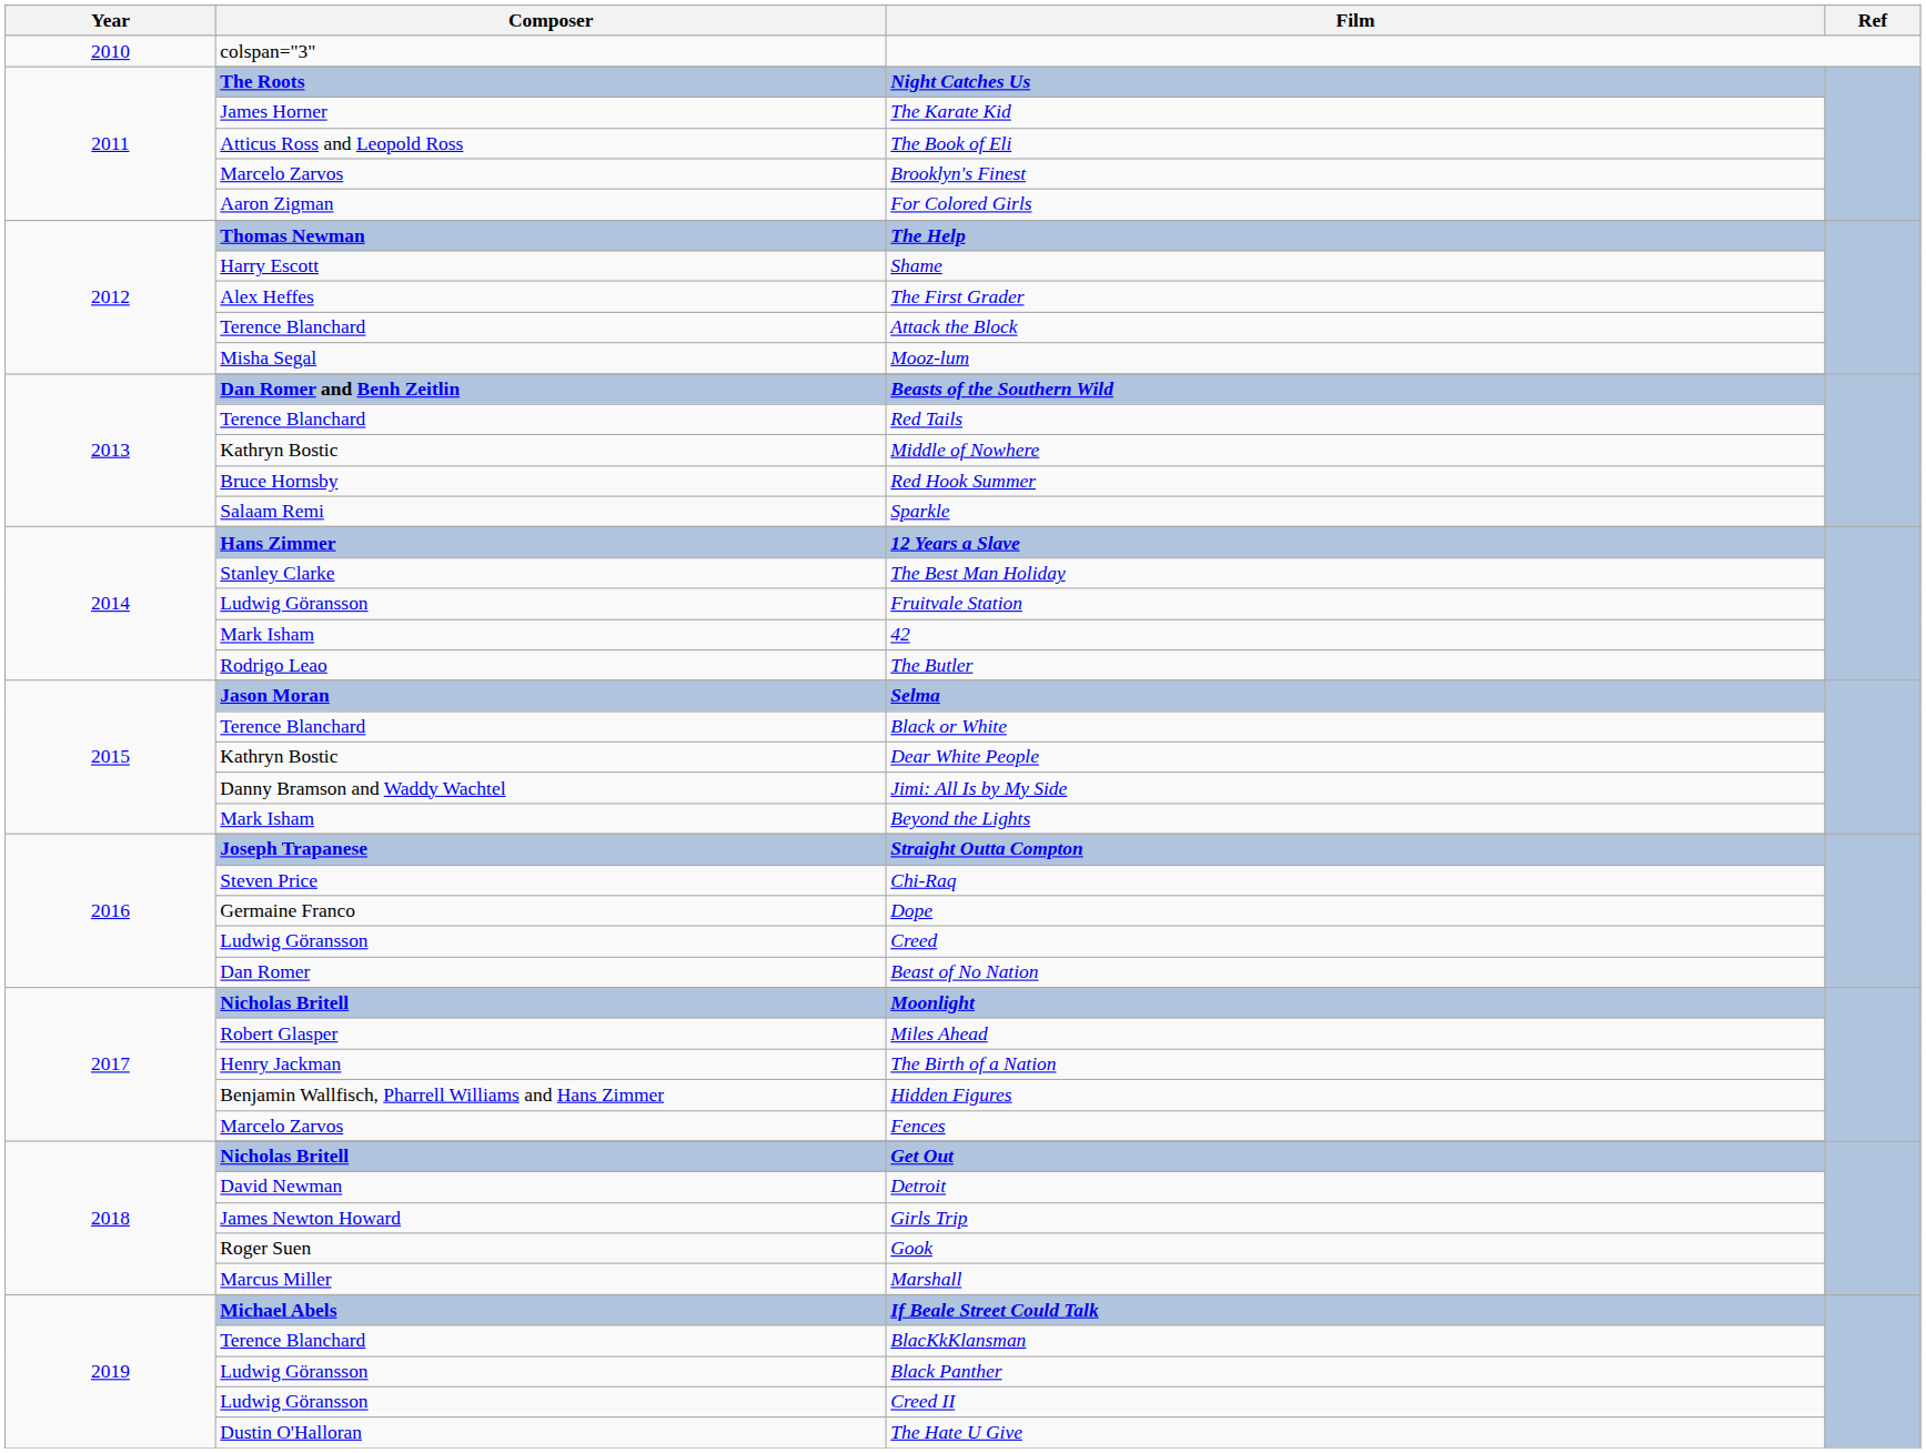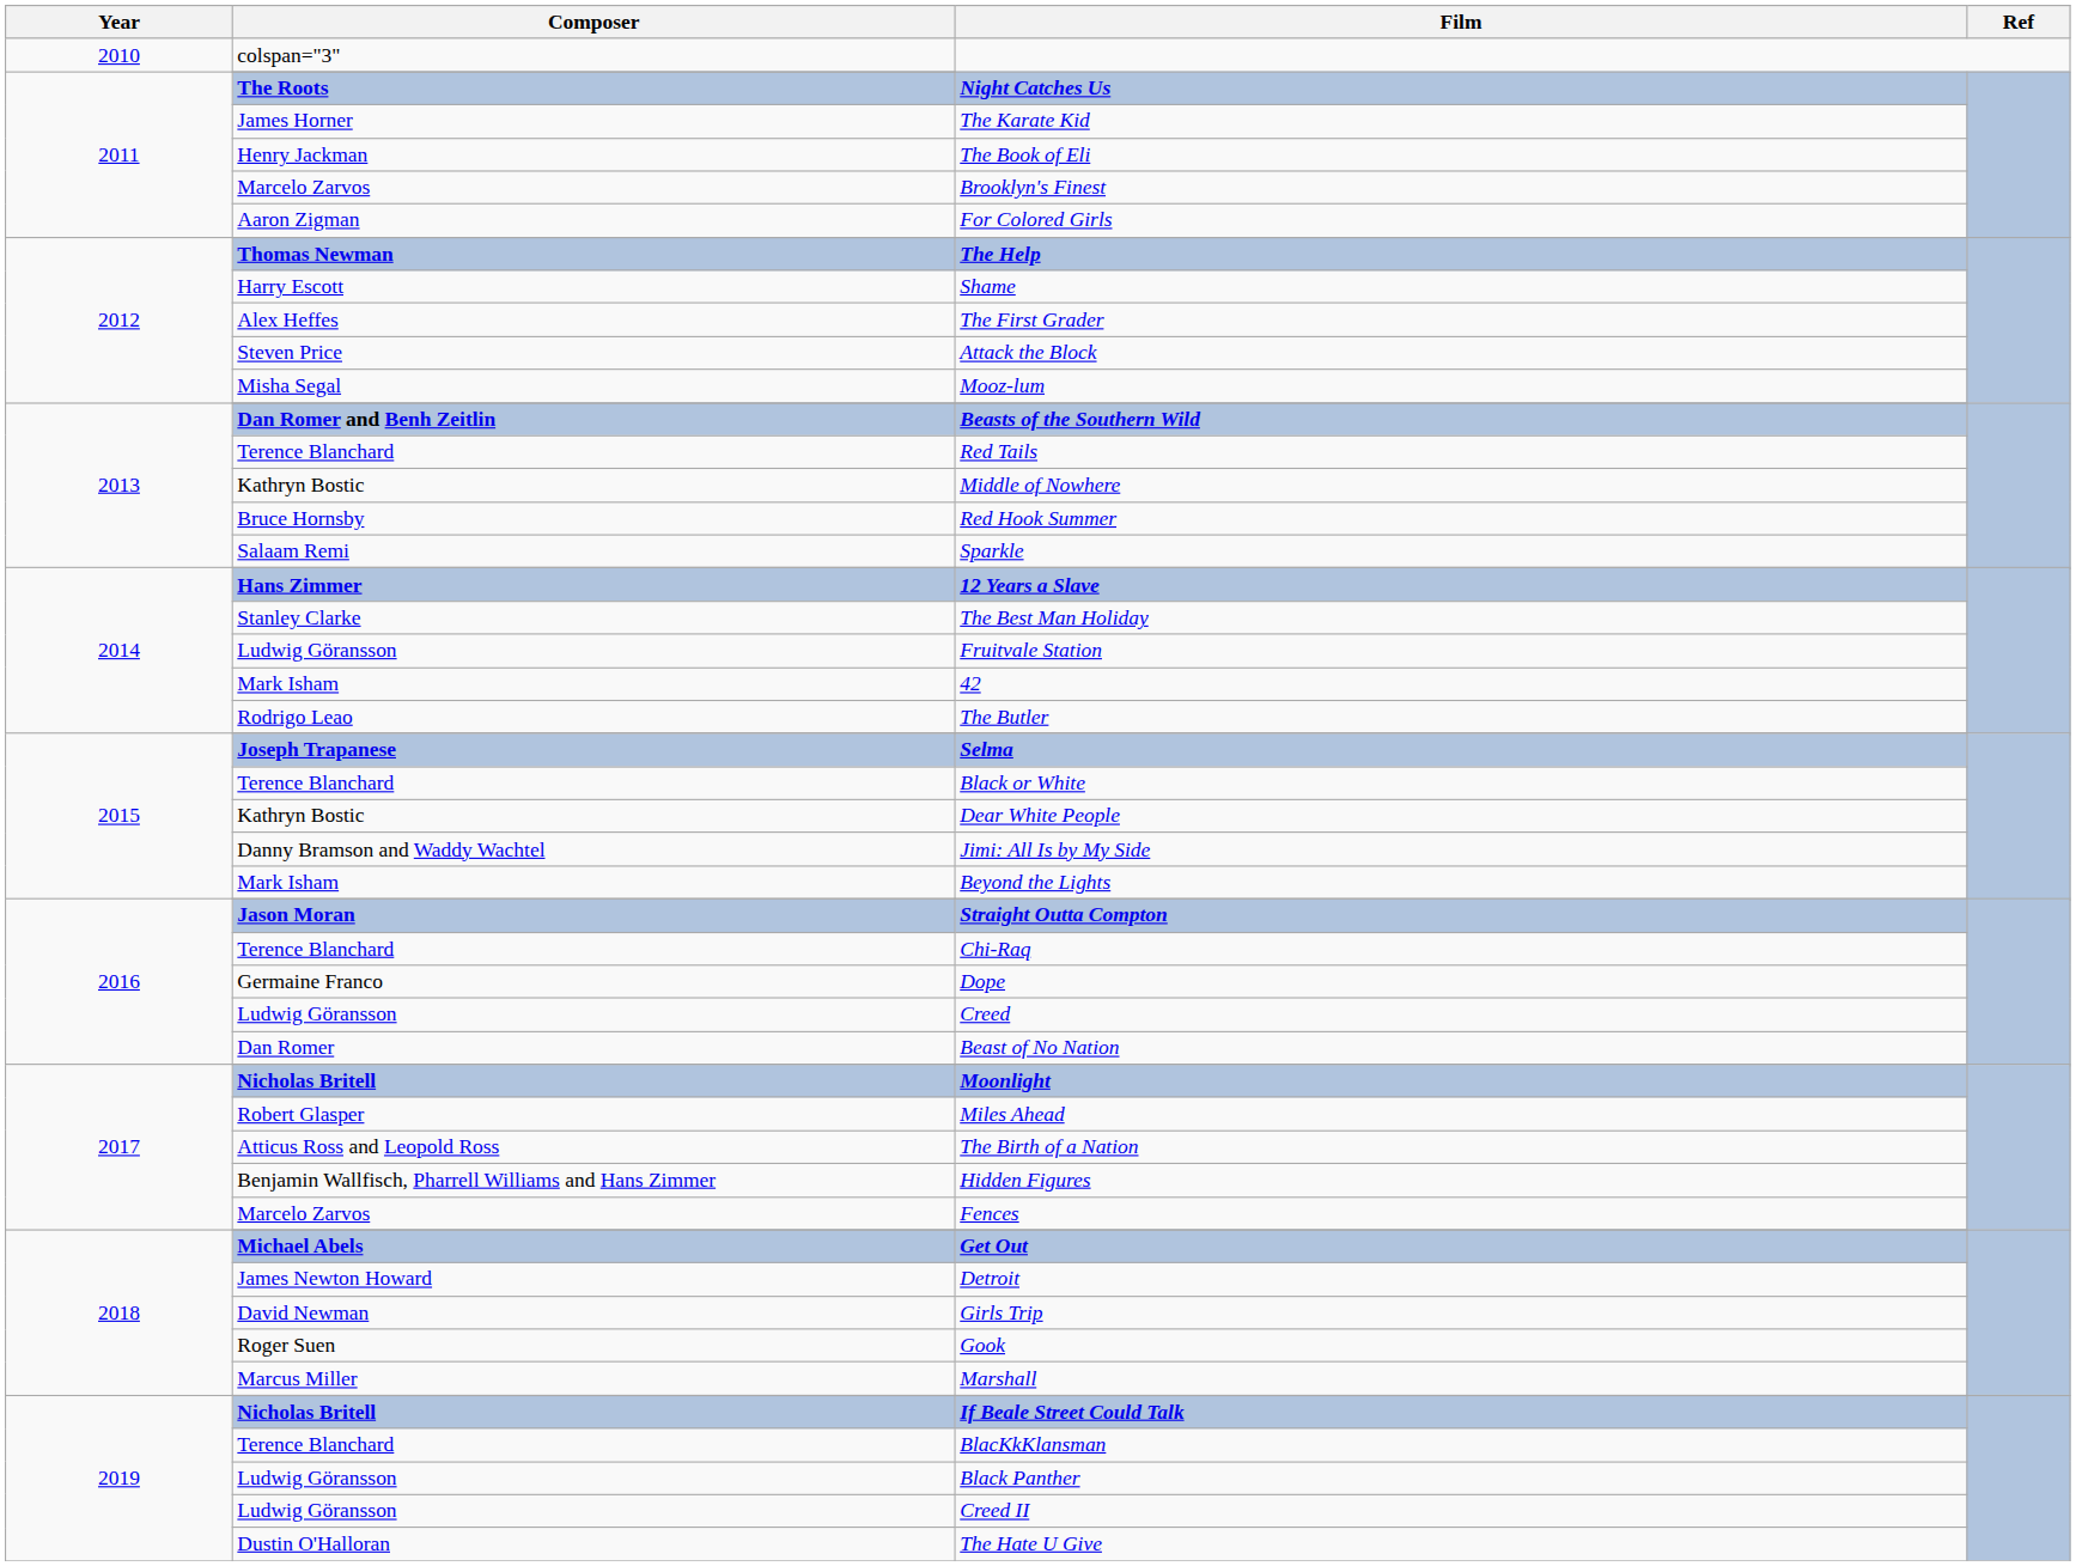 <table class="wikitable" style="width:100%;">
 <tr style="background:#bebebe;">
 <th style="width:11%;">Year</th>
 <th style="width:35%;">Composer</th>
 <th style="width:49%;">Film</th>
 <th style="width:5%;">Ref</th>
 </tr>
 <tr>
 <td align="center"><a href='#'>2010</a></td>
 <td>colspan="3" </td>
 </tr>
 <tr>
 <td rowspan="6" align="center"><a href='#'>2011</a></td>
 </tr>
 <tr style="background:#B0C4DE">
 <td><strong><a href='#'>The Roots</a></strong></td>
 <td><strong><em><a href='#'>Night Catches Us</a></em></strong></td>
 <td rowspan="6" align="center"></td>
 </tr>
 <tr>
 <td><a href='#'>James Horner</a></td>
 <td><em><a href='#'>The Karate Kid</a></em></td>
 </tr>
 <tr>
-<td><a href='#'>Atticus Ross</a> and <a href='#'>Leopold Ross</a></td>
+<td><a href='#'>Henry Jackman</a></td>
 <td><em><a href='#'>The Book of Eli</a></em></td>
 </tr>
 <tr>
 <td><a href='#'>Marcelo Zarvos</a></td>
 <td><em><a href='#'>Brooklyn's Finest</a></em></td>
 </tr>
 <tr>
 <td><a href='#'>Aaron Zigman</a></td>
 <td><em><a href='#'>For Colored Girls</a></em></td>
 </tr>
 <tr>
 <td rowspan="6" align="center"><a href='#'>2012</a></td>
 </tr>
 <tr style="background:#B0C4DE">
 <td><strong><a href='#'>Thomas Newman</a></strong></td>
 <td><strong><em><a href='#'>The Help</a></em></strong></td>
 <td rowspan="6" align="center"></td>
 </tr>
 <tr>
 <td><a href='#'>Harry Escott</a></td>
 <td><em><a href='#'>Shame</a></em></td>
 </tr>
 <tr>
 <td><a href='#'>Alex Heffes</a></td>
 <td><em><a href='#'>The First Grader</a></em></td>
 </tr>
 <tr>
-<td><a href='#'>Terence Blanchard</a></td>
+<td><a href='#'>Steven Price</a></td>
 <td><em><a href='#'>Attack the Block</a></em></td>
 </tr>
 <tr>
 <td><a href='#'>Misha Segal</a></td>
 <td><em><a href='#'>Mooz-lum</a></em></td>
 </tr>
 <tr>
 <td rowspan="6" align="center"><a href='#'>2013</a></td>
 </tr>
 <tr style="background:#B0C4DE">
 <td><strong><a href='#'>Dan Romer</a> and <a href='#'>Benh Zeitlin</a></strong></td>
 <td><strong><em><a href='#'>Beasts of the Southern Wild</a></em></strong></td>
 <td rowspan="6" align="center"></td>
 </tr>
 <tr>
 <td><a href='#'>Terence Blanchard</a></td>
 <td><em><a href='#'>Red Tails</a></em></td>
 </tr>
 <tr>
 <td>Kathryn Bostic</td>
 <td><em><a href='#'>Middle of Nowhere</a></em></td>
 </tr>
 <tr>
 <td><a href='#'>Bruce Hornsby</a></td>
 <td><em><a href='#'>Red Hook Summer</a></em></td>
 </tr>
 <tr>
 <td><a href='#'>Salaam Remi</a></td>
 <td><em><a href='#'>Sparkle</a></em></td>
 </tr>
 <tr>
 <td rowspan="6" align="center"><a href='#'>2014</a></td>
 </tr>
 <tr style="background:#B0C4DE">
 <td><strong><a href='#'>Hans Zimmer</a></strong></td>
 <td><strong><em><a href='#'>12 Years a Slave</a></em></strong></td>
 <td rowspan="6" align="center"></td>
 </tr>
 <tr>
 <td><a href='#'>Stanley Clarke</a></td>
 <td><em><a href='#'>The Best Man Holiday</a></em></td>
 </tr>
 <tr>
 <td><a href='#'>Ludwig Göransson</a></td>
 <td><em><a href='#'>Fruitvale Station</a></em></td>
 </tr>
 <tr>
 <td><a href='#'>Mark Isham</a></td>
 <td><em><a href='#'>42</a></em></td>
 </tr>
 <tr>
 <td><a href='#'>Rodrigo Leao</a></td>
 <td><em><a href='#'>The Butler</a></em></td>
 </tr>
 <tr>
 <td rowspan="6" align="center"><a href='#'>2015</a></td>
 </tr>
 <tr style="background:#B0C4DE">
-<td><strong><a href='#'>Jason Moran</a></strong></td>
+<td><strong><a href='#'>Joseph Trapanese</a></strong></td>
 <td><strong><em><a href='#'>Selma</a></em></strong></td>
 <td rowspan="6" align="center"></td>
 </tr>
 <tr>
 <td><a href='#'>Terence Blanchard</a></td>
 <td><em><a href='#'>Black or White</a></em></td>
 </tr>
 <tr>
 <td>Kathryn Bostic</td>
 <td><em><a href='#'>Dear White People</a></em></td>
 </tr>
 <tr>
 <td>Danny Bramson and <a href='#'>Waddy Wachtel</a></td>
 <td><em><a href='#'>Jimi: All Is by My Side</a></em></td>
 </tr>
 <tr>
 <td><a href='#'>Mark Isham</a></td>
 <td><em><a href='#'>Beyond the Lights</a></em></td>
 </tr>
 <tr>
 <td rowspan="6" align="center"><a href='#'>2016</a></td>
 </tr>
 <tr style="background:#B0C4DE">
-<td><strong><a href='#'>Joseph Trapanese</a></strong></td>
+<td><strong><a href='#'>Jason Moran</a></strong></td>
 <td><strong><em><a href='#'>Straight Outta Compton</a></em></strong></td>
 <td rowspan="6" align="center"></td>
 </tr>
 <tr>
-<td><a href='#'>Steven Price</a></td>
+<td><a href='#'>Terence Blanchard</a></td>
 <td><em><a href='#'>Chi-Raq</a></em></td>
 </tr>
 <tr>
 <td>Germaine Franco</td>
 <td><em><a href='#'>Dope</a></em></td>
 </tr>
 <tr>
 <td><a href='#'>Ludwig Göransson</a></td>
 <td><em><a href='#'>Creed</a></em></td>
 </tr>
 <tr>
 <td><a href='#'>Dan Romer</a></td>
 <td><em><a href='#'>Beast of No Nation</a></em></td>
 </tr>
 <tr>
 <td rowspan="6" align="center"><a href='#'>2017</a></td>
 </tr>
 <tr style="background:#B0C4DE">
 <td><strong><a href='#'>Nicholas Britell</a></strong></td>
 <td><strong><em><a href='#'>Moonlight</a></em></strong></td>
 <td rowspan="6" align="center"></td>
 </tr>
 <tr>
 <td><a href='#'>Robert Glasper</a></td>
 <td><em><a href='#'>Miles Ahead</a></em></td>
 </tr>
 <tr>
-<td><a href='#'>Henry Jackman</a></td>
+<td><a href='#'>Atticus Ross</a> and <a href='#'>Leopold Ross</a></td>
 <td><em><a href='#'>The Birth of a Nation</a></em></td>
 </tr>
 <tr>
 <td>Benjamin Wallfisch, <a href='#'>Pharrell Williams</a> and <a href='#'>Hans Zimmer</a></td>
 <td><em><a href='#'>Hidden Figures</a></em></td>
 </tr>
 <tr>
 <td><a href='#'>Marcelo Zarvos</a></td>
 <td><em><a href='#'>Fences</a></em></td>
 </tr>
 <tr>
 <td rowspan="6" align="center"><a href='#'>2018</a></td>
 </tr>
 <tr style="background:#B0C4DE">
-<td><strong><a href='#'>Nicholas Britell</a></strong></td>
+<td><strong><a href='#'>Michael Abels</a></strong></td>
 <td><strong><em><a href='#'>Get Out</a></em></strong></td>
 <td rowspan="6" align="center"></td>
 </tr>
 <tr>
-<td><a href='#'>David Newman</a></td>
+<td><a href='#'>James Newton Howard</a></td>
 <td><em><a href='#'>Detroit</a></em></td>
 </tr>
 <tr>
-<td><a href='#'>James Newton Howard</a></td>
+<td><a href='#'>David Newman</a></td>
 <td><em><a href='#'>Girls Trip</a></em></td>
 </tr>
 <tr>
 <td>Roger Suen</td>
 <td><em><a href='#'>Gook</a></em></td>
 </tr>
 <tr>
 <td><a href='#'>Marcus Miller</a></td>
 <td><em><a href='#'>Marshall</a></em></td>
 </tr>
 <tr>
 <td rowspan="6" align="center"><a href='#'>2019</a></td>
 </tr>
 <tr style="background:#B0C4DE">
-<td><strong><a href='#'>Michael Abels</a></strong></td>
+<td><strong><a href='#'>Nicholas Britell</a></strong></td>
 <td><strong><em><a href='#'>If Beale Street Could Talk</a></em></strong></td>
 <td rowspan="6" align="center"></td>
 </tr>
 <tr>
 <td><a href='#'>Terence Blanchard</a></td>
 <td><em><a href='#'>BlacKkKlansman</a></em></td>
 </tr>
 <tr>
 <td><a href='#'>Ludwig Göransson</a></td>
 <td><em><a href='#'>Black Panther</a></em></td>
 </tr>
 <tr>
 <td><a href='#'>Ludwig Göransson</a></td>
 <td><em><a href='#'>Creed II</a></em></td>
 </tr>
 <tr>
 <td><a href='#'>Dustin O'Halloran</a></td>
 <td><em><a href='#'>The Hate U Give</a></em></td>
 </tr>
 </table>
